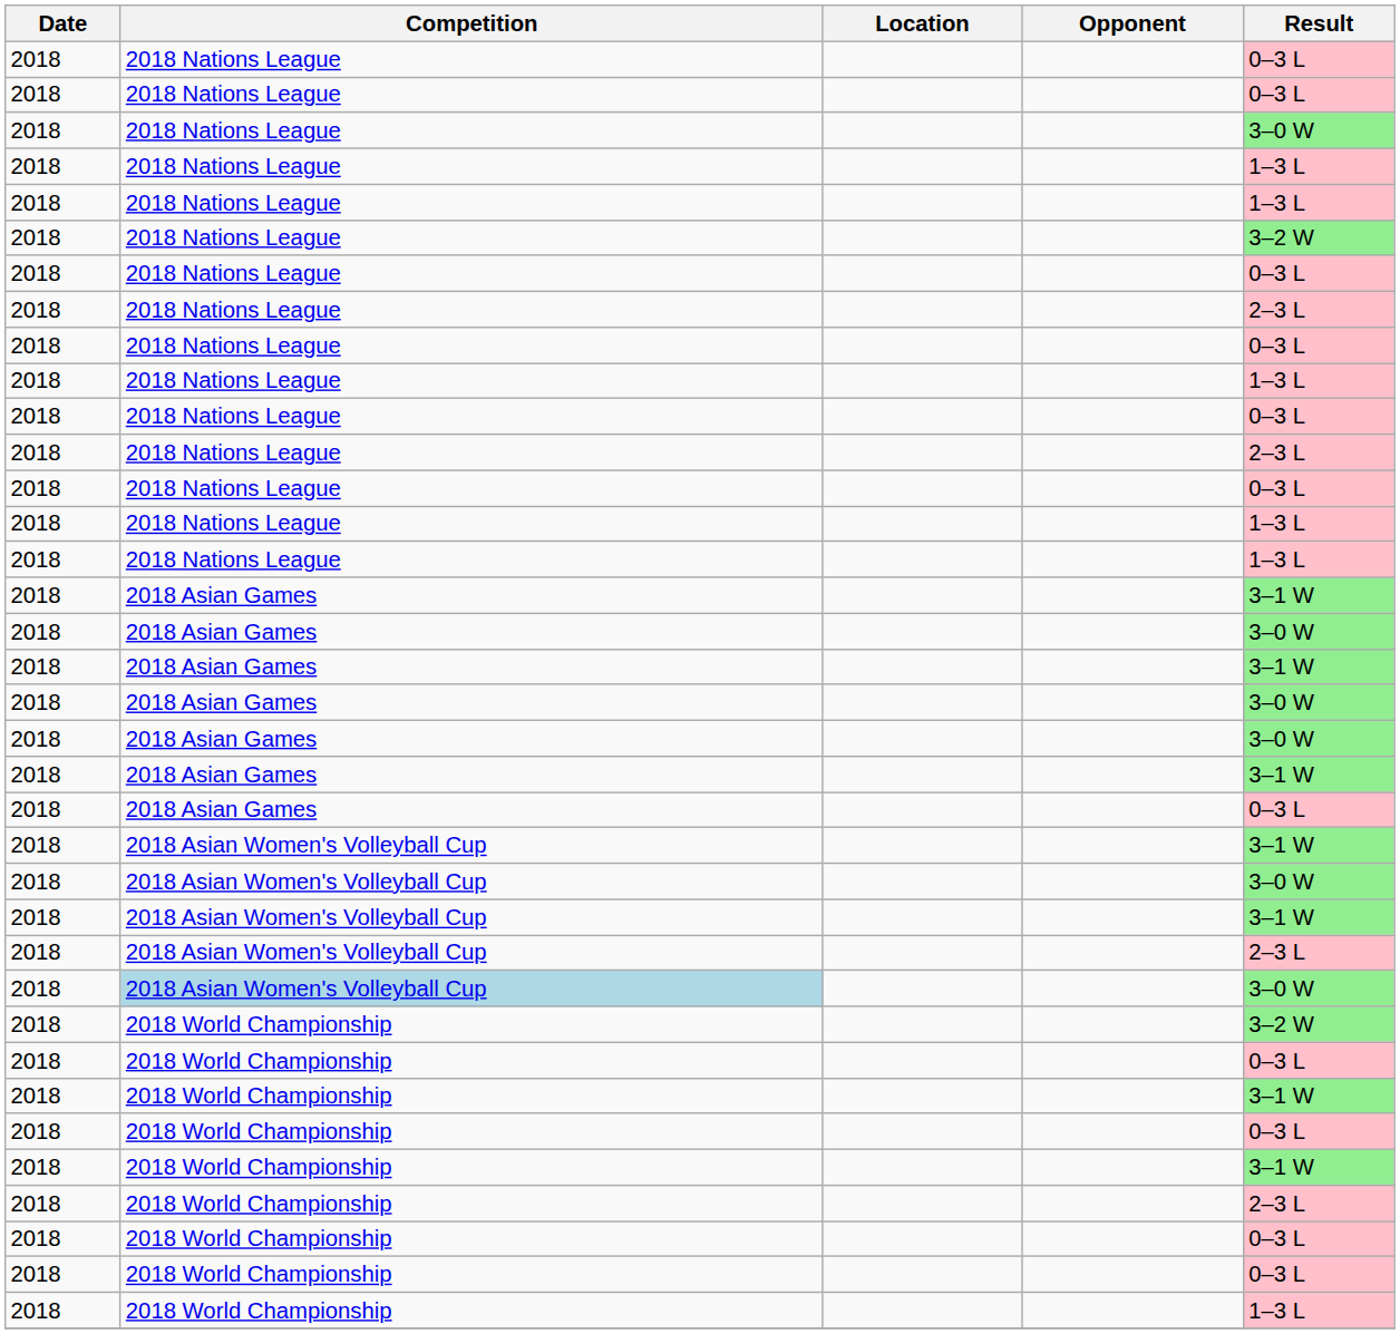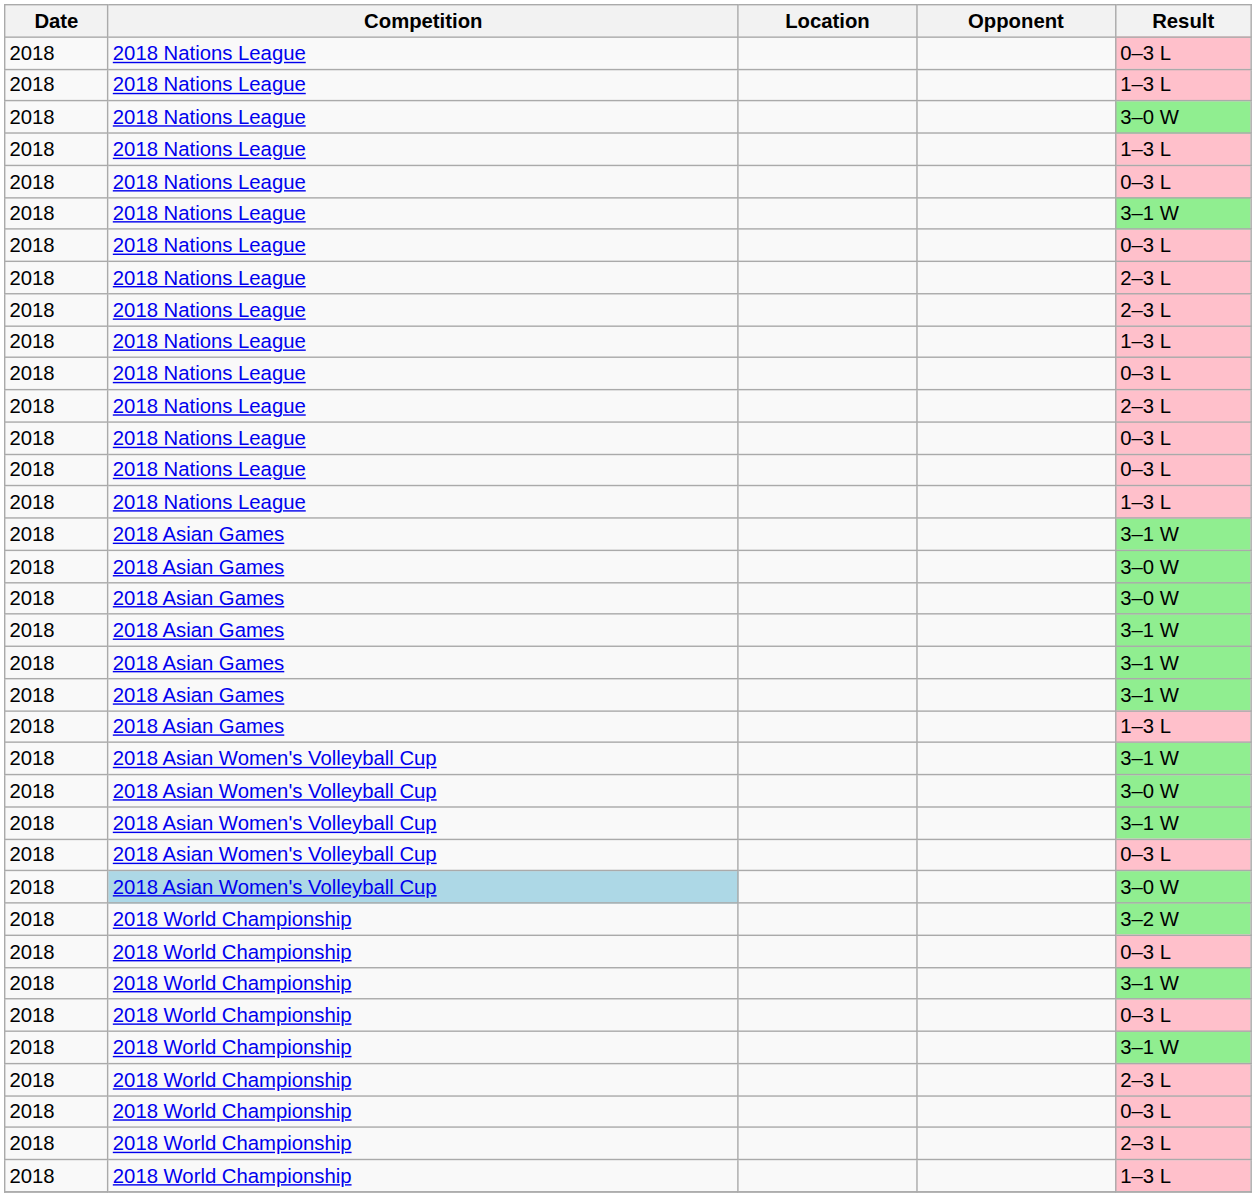 <table class="wikitable" style="font-size:90%; width:70%;">
 <tr>
 <th>Date</th>
 <th>Competition</th>
 <th>Location</th>
 <th>Opponent</th>
 <th>Result</th>
 </tr>
 <tr>
 <td>2018</td>
 <td><a href='#'>2018 Nations League</a></td>
 <td></td>
 <td></td>
 <td bgcolor="pink">0–3 L</td>
 </tr>
 <tr>
 <td>2018</td>
 <td><a href='#'>2018 Nations League</a></td>
 <td></td>
 <td></td>
-<td bgcolor="pink">0–3 L</td>
+<td bgcolor="pink">1–3 L</td>
 </tr>
 <tr>
 <td>2018</td>
 <td><a href='#'>2018 Nations League</a></td>
 <td></td>
 <td></td>
 <td bgcolor="lightgreen">3–0 W</td>
 </tr>
 <tr>
 <td>2018</td>
 <td><a href='#'>2018 Nations League</a></td>
 <td></td>
 <td></td>
 <td bgcolor="pink">1–3 L</td>
 </tr>
 <tr>
 <td>2018</td>
 <td><a href='#'>2018 Nations League</a></td>
 <td></td>
 <td></td>
-<td bgcolor="pink">1–3 L</td>
+<td bgcolor="pink">0–3 L</td>
 </tr>
 <tr>
 <td>2018</td>
 <td><a href='#'>2018 Nations League</a></td>
 <td></td>
 <td></td>
-<td bgcolor="lightgreen">3–2 W</td>
+<td bgcolor="lightgreen">3–1 W</td>
 </tr>
 <tr>
 <td>2018</td>
 <td><a href='#'>2018 Nations League</a></td>
 <td></td>
 <td></td>
 <td bgcolor="pink">0–3 L</td>
 </tr>
 <tr>
 <td>2018</td>
 <td><a href='#'>2018 Nations League</a></td>
 <td></td>
 <td></td>
 <td bgcolor="pink">2–3 L</td>
 </tr>
 <tr>
 <td>2018</td>
 <td><a href='#'>2018 Nations League</a></td>
 <td></td>
 <td></td>
-<td bgcolor="pink">0–3 L</td>
+<td bgcolor="pink">2–3 L</td>
 </tr>
 <tr>
 <td>2018</td>
 <td><a href='#'>2018 Nations League</a></td>
 <td></td>
 <td></td>
 <td bgcolor="pink">1–3 L</td>
 </tr>
 <tr>
 <td>2018</td>
 <td><a href='#'>2018 Nations League</a></td>
 <td></td>
 <td></td>
 <td bgcolor="pink">0–3 L</td>
 </tr>
 <tr>
 <td>2018</td>
 <td><a href='#'>2018 Nations League</a></td>
 <td></td>
 <td></td>
 <td bgcolor="pink">2–3 L</td>
 </tr>
 <tr>
 <td>2018</td>
 <td><a href='#'>2018 Nations League</a></td>
 <td></td>
 <td></td>
 <td bgcolor="pink">0–3 L</td>
 </tr>
 <tr>
 <td>2018</td>
 <td><a href='#'>2018 Nations League</a></td>
 <td></td>
 <td></td>
-<td bgcolor="pink">1–3 L</td>
+<td bgcolor="pink">0–3 L</td>
 </tr>
 <tr>
 <td>2018</td>
 <td><a href='#'>2018 Nations League</a></td>
 <td></td>
 <td></td>
 <td bgcolor="pink">1–3 L</td>
-</tr>
-<tr>
-<td>2018</td>
-<td><a href='#'>2018 Asian Games</a></td>
-<td></td>
-<td></td>
-<td bgcolor="lightgreen">3–1 W</td>
-</tr>
-<tr>
-<td>2018</td>
-<td><a href='#'>2018 Asian Games</a></td>
-<td></td>
-<td></td>
-<td bgcolor="lightgreen">3–0 W</td>
 </tr>
 <tr>
 <td>2018</td>
 <td><a href='#'>2018 Asian Games</a></td>
 <td></td>
 <td></td>
 <td bgcolor="lightgreen">3–1 W</td>
 </tr>
 <tr>
 <td>2018</td>
 <td><a href='#'>2018 Asian Games</a></td>
 <td></td>
 <td></td>
 <td bgcolor="lightgreen">3–0 W</td>
 </tr>
 <tr>
 <td>2018</td>
 <td><a href='#'>2018 Asian Games</a></td>
 <td></td>
 <td></td>
 <td bgcolor="lightgreen">3–0 W</td>
 </tr>
 <tr>
 <td>2018</td>
 <td><a href='#'>2018 Asian Games</a></td>
 <td></td>
 <td></td>
 <td bgcolor="lightgreen">3–1 W</td>
 </tr>
 <tr>
 <td>2018</td>
 <td><a href='#'>2018 Asian Games</a></td>
 <td></td>
 <td></td>
-<td bgcolor="pink">0–3 L</td>
+<td bgcolor="lightgreen">3–1 W</td>
+</tr>
+<tr>
+<td>2018</td>
+<td><a href='#'>2018 Asian Games</a></td>
+<td></td>
+<td></td>
+<td bgcolor="lightgreen">3–1 W</td>
+</tr>
+<tr>
+<td>2018</td>
+<td><a href='#'>2018 Asian Games</a></td>
+<td></td>
+<td></td>
+<td bgcolor="pink">1–3 L</td>
 </tr>
 <tr>
 <td>2018</td>
 <td><a href='#'>2018 Asian Women's Volleyball Cup</a></td>
 <td></td>
 <td></td>
 <td bgcolor="lightgreen">3–1 W</td>
 </tr>
 <tr>
 <td>2018</td>
 <td><a href='#'>2018 Asian Women's Volleyball Cup</a></td>
 <td></td>
 <td></td>
 <td bgcolor="lightgreen">3–0 W</td>
 </tr>
 <tr>
 <td>2018</td>
 <td><a href='#'>2018 Asian Women's Volleyball Cup</a></td>
 <td></td>
 <td></td>
 <td bgcolor="lightgreen">3–1 W</td>
 </tr>
 <tr>
 <td>2018</td>
 <td><a href='#'>2018 Asian Women's Volleyball Cup</a></td>
 <td></td>
 <td></td>
-<td bgcolor="pink">2–3 L</td>
+<td bgcolor="pink">0–3 L</td>
 </tr>
 <tr>
 <td>2018</td>
 <td style="background: lightblue;"><a href='#'>2018 Asian Women's Volleyball Cup</a></td>
 <td></td>
 <td></td>
 <td bgcolor="lightgreen">3–0 W</td>
 </tr>
 <tr>
 <td>2018</td>
 <td><a href='#'>2018 World Championship</a></td>
 <td></td>
 <td></td>
 <td bgcolor="lightgreen">3–2 W</td>
 </tr>
 <tr>
 <td>2018</td>
 <td><a href='#'>2018 World Championship</a></td>
 <td></td>
 <td></td>
 <td bgcolor="pink">0–3 L</td>
 </tr>
 <tr>
 <td>2018</td>
 <td><a href='#'>2018 World Championship</a></td>
 <td></td>
 <td></td>
 <td bgcolor="lightgreen">3–1 W</td>
 </tr>
 <tr>
 <td>2018</td>
 <td><a href='#'>2018 World Championship</a></td>
 <td></td>
 <td></td>
 <td bgcolor="pink">0–3 L</td>
 </tr>
 <tr>
 <td>2018</td>
 <td><a href='#'>2018 World Championship</a></td>
 <td></td>
 <td></td>
 <td bgcolor="lightgreen">3–1 W</td>
 </tr>
 <tr>
 <td>2018</td>
 <td><a href='#'>2018 World Championship</a></td>
 <td></td>
 <td></td>
 <td bgcolor="pink">2–3 L</td>
 </tr>
 <tr>
 <td>2018</td>
 <td><a href='#'>2018 World Championship</a></td>
 <td></td>
 <td></td>
 <td bgcolor="pink">0–3 L</td>
 </tr>
 <tr>
 <td>2018</td>
 <td><a href='#'>2018 World Championship</a></td>
 <td></td>
 <td></td>
-<td bgcolor="pink">0–3 L</td>
+<td bgcolor="pink">2–3 L</td>
 </tr>
 <tr>
 <td>2018</td>
 <td><a href='#'>2018 World Championship</a></td>
 <td></td>
 <td></td>
 <td bgcolor="pink">1–3 L</td>
 </tr>
 <tr>
 </tr>
 </table>
